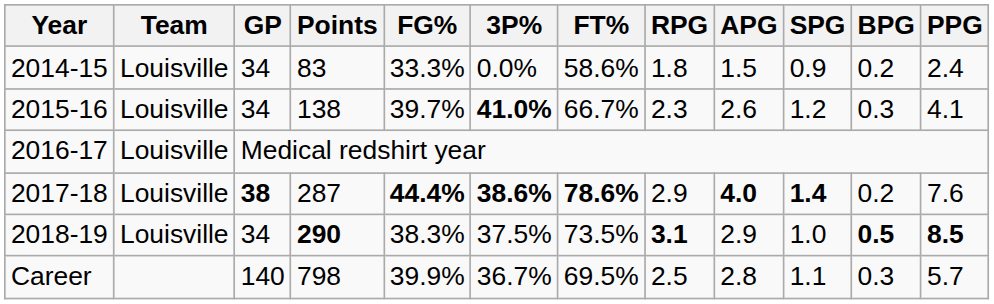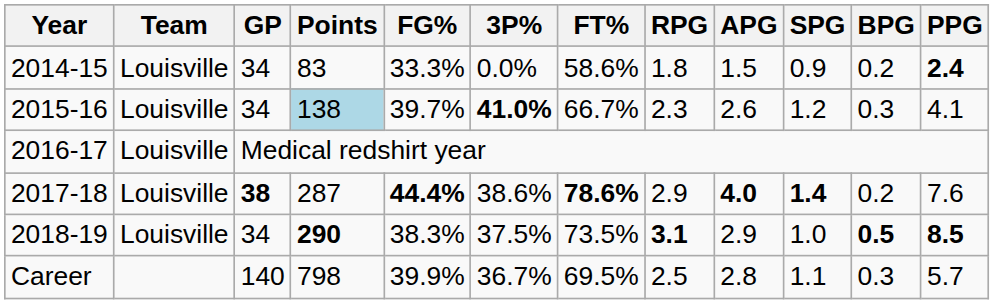 <table class="wikitable">
 <tr>
 <th>Year</th>
 <th>Team</th>
 <th>GP</th>
 <th>Points</th>
 <th>FG%</th>
 <th>3P%</th>
 <th>FT%</th>
 <th>RPG</th>
 <th>APG</th>
 <th>SPG</th>
 <th>BPG</th>
 <th>PPG</th>
 </tr>
 <tr>
 <td>2014-15</td>
 <td>Louisville</td>
 <td>34</td>
 <td>83</td>
 <td>33.3%</td>
 <td>0.0%</td>
 <td>58.6%</td>
 <td>1.8</td>
 <td>1.5</td>
 <td>0.9</td>
 <td>0.2</td>
-<td>2.4</td>
+<td><strong>2.4</strong></td>
 </tr>
 <tr>
 <td>2015-16</td>
 <td>Louisville</td>
 <td>34</td>
-<td>138</td>
+<td style="background: lightblue;">138</td>
 <td>39.7%</td>
 <td><strong>41.0%</strong></td>
 <td>66.7%</td>
 <td>2.3</td>
 <td>2.6</td>
 <td>1.2</td>
 <td>0.3</td>
 <td>4.1</td>
 </tr>
 <tr>
 <td>2016-17</td>
 <td>Louisville</td>
 <td colspan="10">Medical redshirt year</td>
 </tr>
 <tr>
 <td>2017-18</td>
 <td>Louisville</td>
 <td><strong>38</strong></td>
 <td>287</td>
 <td><strong>44.4%</strong></td>
-<td><strong>38.6%</strong></td>
+<td>38.6%</td>
 <td><strong>78.6%</strong></td>
 <td>2.9</td>
 <td><strong>4.0</strong></td>
 <td><strong>1.4</strong></td>
 <td>0.2</td>
 <td>7.6</td>
 </tr>
 <tr>
 <td>2018-19</td>
 <td>Louisville</td>
 <td>34</td>
 <td><strong>290</strong></td>
 <td>38.3%</td>
 <td>37.5%</td>
 <td>73.5%</td>
 <td><strong>3.1</strong></td>
 <td>2.9</td>
 <td>1.0</td>
 <td><strong>0.5</strong></td>
 <td><strong>8.5</strong></td>
 </tr>
 <tr>
 <td>Career</td>
 <td></td>
 <td>140</td>
 <td>798</td>
 <td>39.9%</td>
 <td>36.7%</td>
 <td>69.5%</td>
 <td>2.5</td>
 <td>2.8</td>
 <td>1.1</td>
 <td>0.3</td>
 <td>5.7</td>
 </tr>
 </table>
